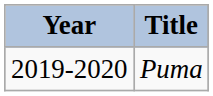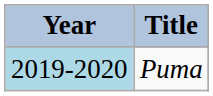 <table class="wikitable">
 <tr>
 <th style="background: #B0C4DE;">Year</th>
 <th style="background: #B0C4DE;">Title</th>
 </tr>
 <tr>
-<td>2019-2020</td>
+<td style="background: lightblue;">2019-2020</td>
 <td><em>Puma</em></td>
 </tr>
 </table>
